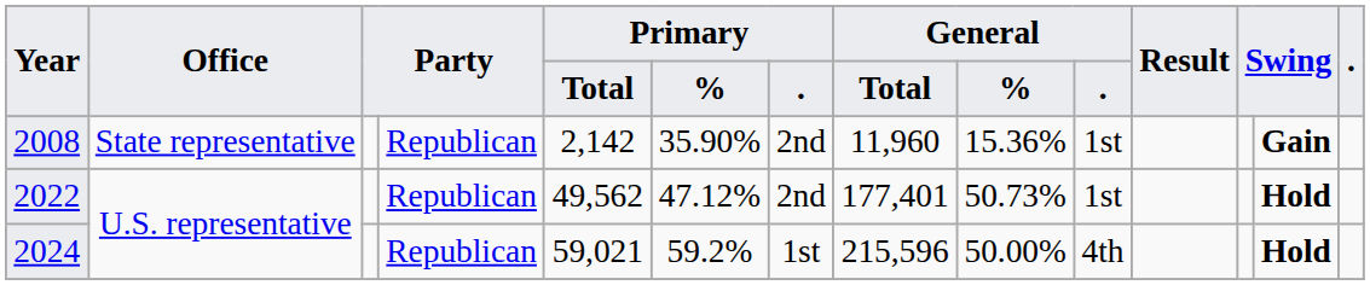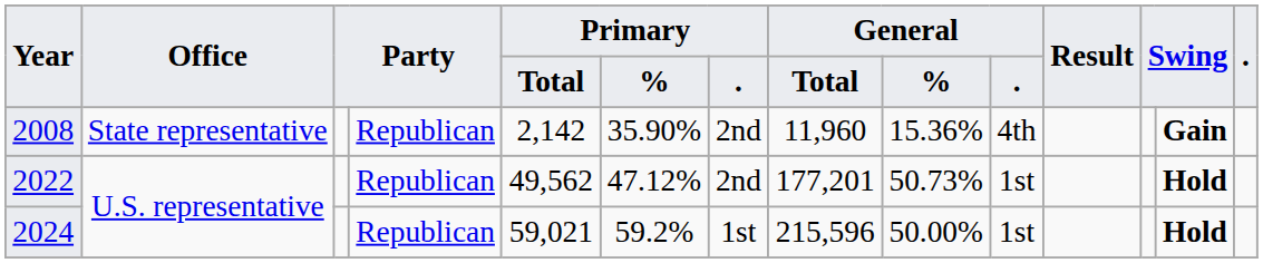 <table class="wikitable" style="font-size:90%; text-align:center;">
 <tr>
 <th style="background-color:#EAECF0;" rowspan=2>Year</th>
 <th style="background-color:#EAECF0;" rowspan=2>Office</th>
 <th style="background-color:#EAECF0;" colspan=2 rowspan=2>Party</th>
 <th style="background-color:#EAECF0;" colspan=3>Primary</th>
 <th style="background-color:#EAECF0;" colspan=3>General</th>
 <th style="background-color:#EAECF0;" rowspan=2>Result</th>
 <th style="background-color:#EAECF0;" colspan=2 rowspan=2><a href='#'>Swing</a></th>
 <th style="background-color:#EAECF0;" rowspan=2>.</th>
 </tr>
 <tr>
 <th style="background-color:#EAECF0;">Total</th>
 <th style="background-color:#EAECF0;">%</th>
 <th style="background-color:#EAECF0;">.</th>
 <th style="background-color:#EAECF0;">Total</th>
 <th style="background-color:#EAECF0;">%</th>
 <th style="background-color:#EAECF0;">.</th>
 </tr>
 <tr>
 <td style="background-color:#EAECF0;"><a href='#'>2008</a></td>
 <td><a href='#'>State representative</a></td>
 <td style="background-color:"></td>
 <td><a href='#'>Republican</a></td>
 <td>2,142</td>
 <td>35.90%</td>
 <td>2nd</td>
 <td>11,960</td>
 <td>15.36%</td>
-<td>1st</td>
+<td>4th</td>
 <td></td>
 <td style="background-color:"></td>
 <td><strong>Gain</strong></td>
 <td></td>
 </tr>
 <tr>
 <td style="background-color:#EAECF0;"><a href='#'>2022</a></td>
 <td rowspan="2"><a href='#'>U.S. representative</a></td>
 <td style="background-color:"></td>
 <td><a href='#'>Republican</a></td>
 <td>49,562</td>
 <td>47.12%</td>
 <td>2nd</td>
-<td>177,401</td>
+<td>177,201</td>
 <td>50.73%</td>
 <td>1st</td>
 <td></td>
 <td style="background-color:"></td>
 <td><strong>Hold</strong></td>
 <td></td>
 </tr>
 <tr>
 <td style="background-color:#EAECF0;"><a href='#'>2024</a></td>
 <td style="background-color:"></td>
 <td><a href='#'>Republican</a></td>
 <td>59,021</td>
 <td>59.2%</td>
 <td>1st</td>
 <td>215,596</td>
 <td>50.00%</td>
-<td>4th</td>
+<td>1st</td>
 <td></td>
 <td style="background-color:"></td>
 <td><strong>Hold</strong></td>
 <td></td>
 </tr>
 </table>
